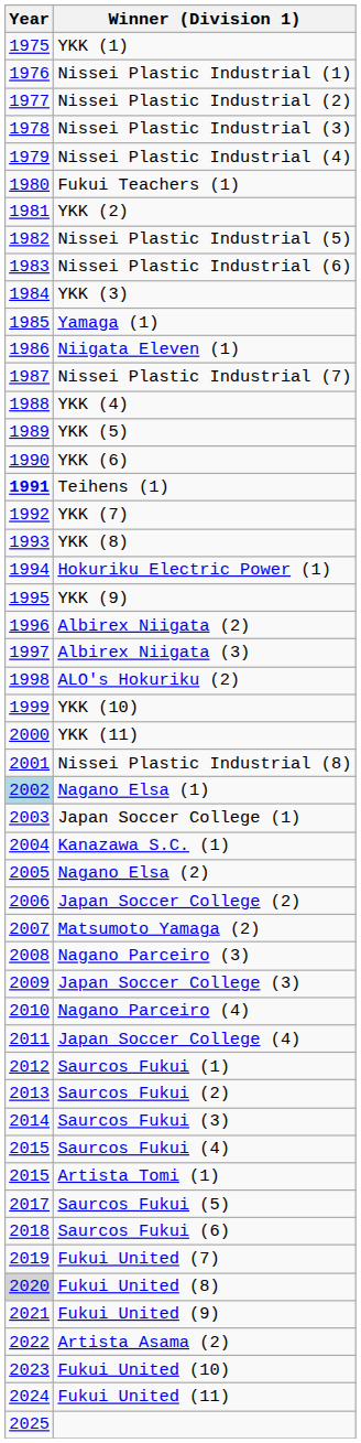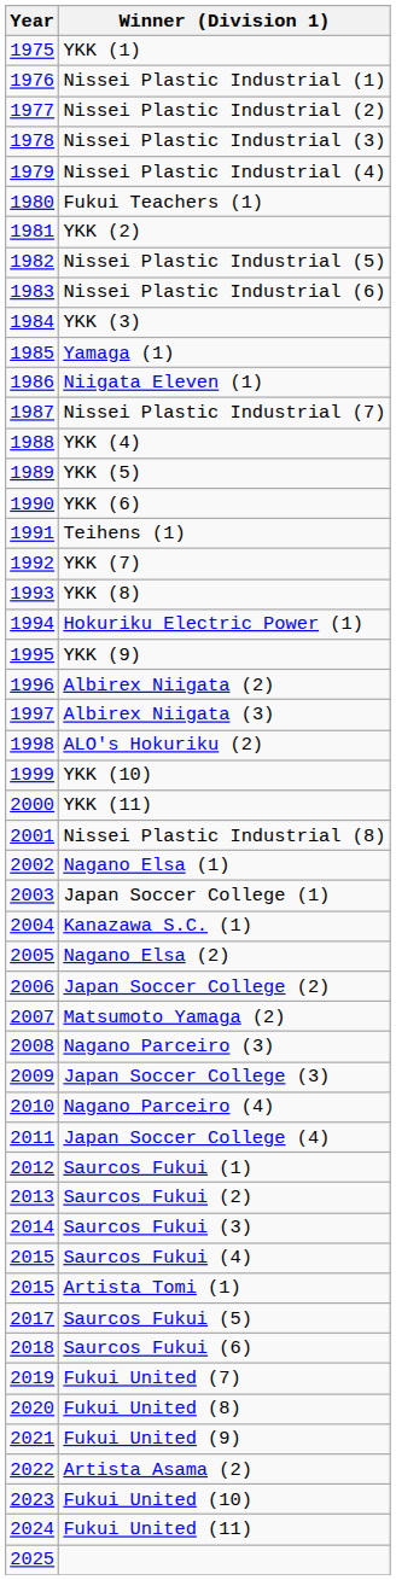 <table class="wikitable">
 <tr>
 <th>Year</th>
 <th>Winner (Division 1)</th>
 </tr>
 <tr>
 <td><a href='#'>1975</a></td>
 <td>YKK (1)</td>
 </tr>
 <tr>
 <td><a href='#'>1976</a></td>
 <td>Nissei Plastic Industrial (1)</td>
 </tr>
 <tr>
 <td><a href='#'>1977</a></td>
 <td>Nissei Plastic Industrial (2)</td>
 </tr>
 <tr>
 <td><a href='#'>1978</a></td>
 <td>Nissei Plastic Industrial (3)</td>
 </tr>
 <tr>
 <td><a href='#'>1979</a></td>
 <td>Nissei Plastic Industrial (4)</td>
 </tr>
 <tr>
 <td><a href='#'>1980</a></td>
 <td>Fukui Teachers (1)</td>
 </tr>
 <tr>
 <td><a href='#'>1981</a></td>
 <td>YKK (2)</td>
 </tr>
 <tr>
 <td><a href='#'>1982</a></td>
 <td>Nissei Plastic Industrial (5)</td>
 </tr>
 <tr>
 <td><a href='#'>1983</a></td>
 <td>Nissei Plastic Industrial (6)</td>
 </tr>
 <tr>
 <td><a href='#'>1984</a></td>
 <td>YKK (3)</td>
 </tr>
 <tr>
 <td><a href='#'>1985</a></td>
 <td><a href='#'>Yamaga</a> (1)</td>
 </tr>
 <tr>
 <td><a href='#'>1986</a></td>
 <td><a href='#'>Niigata Eleven</a> (1)</td>
 </tr>
 <tr>
 <td><a href='#'>1987</a></td>
 <td>Nissei Plastic Industrial (7)</td>
 </tr>
 <tr>
 <td><a href='#'>1988</a></td>
 <td>YKK (4)</td>
 </tr>
 <tr>
 <td><a href='#'>1989</a></td>
 <td>YKK (5)</td>
 </tr>
 <tr>
 <td><a href='#'>1990</a></td>
 <td>YKK (6)</td>
 </tr>
 <tr>
-<td><strong><a href='#'>1991</a></strong></td>
+<td><a href='#'>1991</a></td>
 <td>Teihens (1)</td>
 </tr>
 <tr>
 <td><a href='#'>1992</a></td>
 <td>YKK (7)</td>
 </tr>
 <tr>
 <td><a href='#'>1993</a></td>
 <td>YKK (8)</td>
 </tr>
 <tr>
 <td><a href='#'>1994</a></td>
 <td><a href='#'>Hokuriku Electric Power</a> (1)</td>
 </tr>
 <tr>
 <td><a href='#'>1995</a></td>
 <td>YKK (9)</td>
 </tr>
 <tr>
 <td><a href='#'>1996</a></td>
 <td><a href='#'>Albirex Niigata</a> (2)</td>
 </tr>
 <tr>
 <td><a href='#'>1997</a></td>
 <td><a href='#'>Albirex Niigata</a> (3)</td>
 </tr>
 <tr>
 <td><a href='#'>1998</a></td>
 <td><a href='#'>ALO's Hokuriku</a> (2)</td>
 </tr>
 <tr>
 <td><a href='#'>1999</a></td>
 <td>YKK (10)</td>
 </tr>
 <tr>
 <td><a href='#'>2000</a></td>
 <td>YKK (11)</td>
 </tr>
 <tr>
 <td><a href='#'>2001</a></td>
 <td>Nissei Plastic Industrial (8)</td>
 </tr>
 <tr>
-<td style="background: lightblue;"><a href='#'>2002</a></td>
+<td><a href='#'>2002</a></td>
 <td><a href='#'>Nagano Elsa</a> (1)</td>
 </tr>
 <tr>
 <td><a href='#'>2003</a></td>
 <td>Japan Soccer College (1)</td>
 </tr>
 <tr>
 <td><a href='#'>2004</a></td>
 <td><a href='#'>Kanazawa S.C.</a> (1)</td>
 </tr>
 <tr>
 <td><a href='#'>2005</a></td>
 <td><a href='#'>Nagano Elsa</a> (2)</td>
 </tr>
 <tr>
 <td><a href='#'>2006</a></td>
 <td><a href='#'>Japan Soccer College</a> (2)</td>
 </tr>
 <tr>
 <td><a href='#'>2007</a></td>
 <td><a href='#'>Matsumoto Yamaga</a> (2)</td>
 </tr>
 <tr>
 <td><a href='#'>2008</a></td>
 <td><a href='#'>Nagano Parceiro</a> (3)</td>
 </tr>
 <tr>
 <td><a href='#'>2009</a></td>
 <td><a href='#'>Japan Soccer College</a> (3)</td>
 </tr>
 <tr>
 <td><a href='#'>2010</a></td>
 <td><a href='#'>Nagano Parceiro</a> (4)</td>
 </tr>
 <tr>
 <td><a href='#'>2011</a></td>
 <td><a href='#'>Japan Soccer College</a> (4)</td>
 </tr>
 <tr>
 <td><a href='#'>2012</a></td>
 <td><a href='#'>Saurcos Fukui</a> (1)</td>
 </tr>
 <tr>
 <td><a href='#'>2013</a></td>
 <td><a href='#'>Saurcos Fukui</a> (2)</td>
 </tr>
 <tr>
 <td><a href='#'>2014</a></td>
 <td><a href='#'>Saurcos Fukui</a> (3)</td>
 </tr>
 <tr>
 <td><a href='#'>2015</a></td>
 <td><a href='#'>Saurcos Fukui</a> (4)</td>
 </tr>
 <tr>
 <td><a href='#'>2015</a></td>
 <td><a href='#'>Artista Tomi</a> (1)</td>
 </tr>
 <tr>
 <td><a href='#'>2017</a></td>
 <td><a href='#'>Saurcos Fukui</a> (5)</td>
 </tr>
 <tr>
 <td><a href='#'>2018</a></td>
 <td><a href='#'>Saurcos Fukui</a> (6)</td>
 </tr>
 <tr>
 <td><a href='#'>2019</a></td>
 <td><a href='#'>Fukui United</a> (7)</td>
 </tr>
 <tr>
-<td style="background: lightgrey;"><a href='#'>2020</a></td>
+<td><a href='#'>2020</a></td>
 <td><a href='#'>Fukui United</a> (8)</td>
 </tr>
 <tr>
 <td><a href='#'>2021</a></td>
 <td><a href='#'>Fukui United</a> (9)</td>
 </tr>
 <tr>
 <td><a href='#'>2022</a></td>
 <td><a href='#'>Artista Asama</a> (2)</td>
 </tr>
 <tr>
 <td><a href='#'>2023</a></td>
 <td><a href='#'>Fukui United</a> (10)</td>
 </tr>
 <tr>
 <td><a href='#'>2024</a></td>
 <td><a href='#'>Fukui United</a> (11)</td>
 </tr>
 <tr>
 <td><a href='#'>2025</a></td>
 </tr>
 </table>
